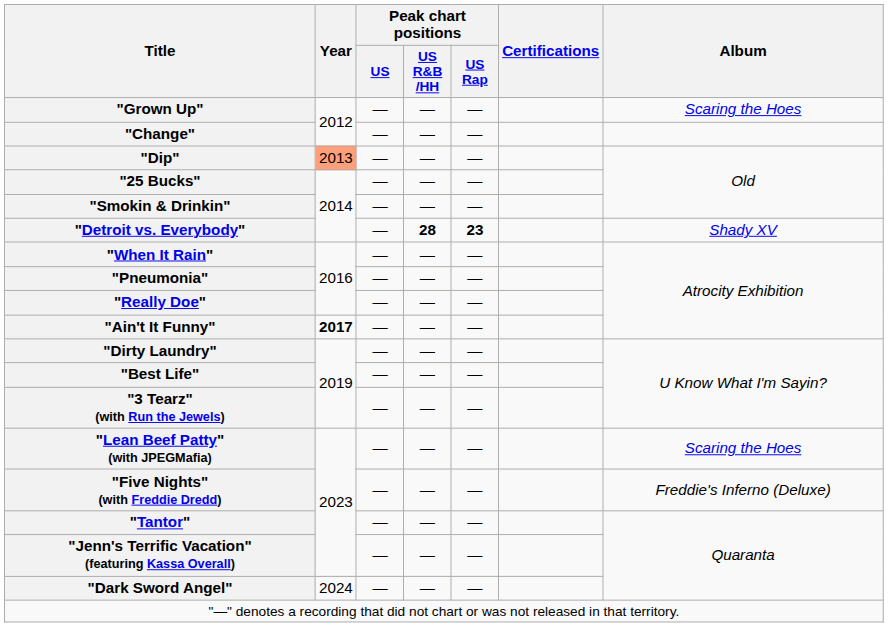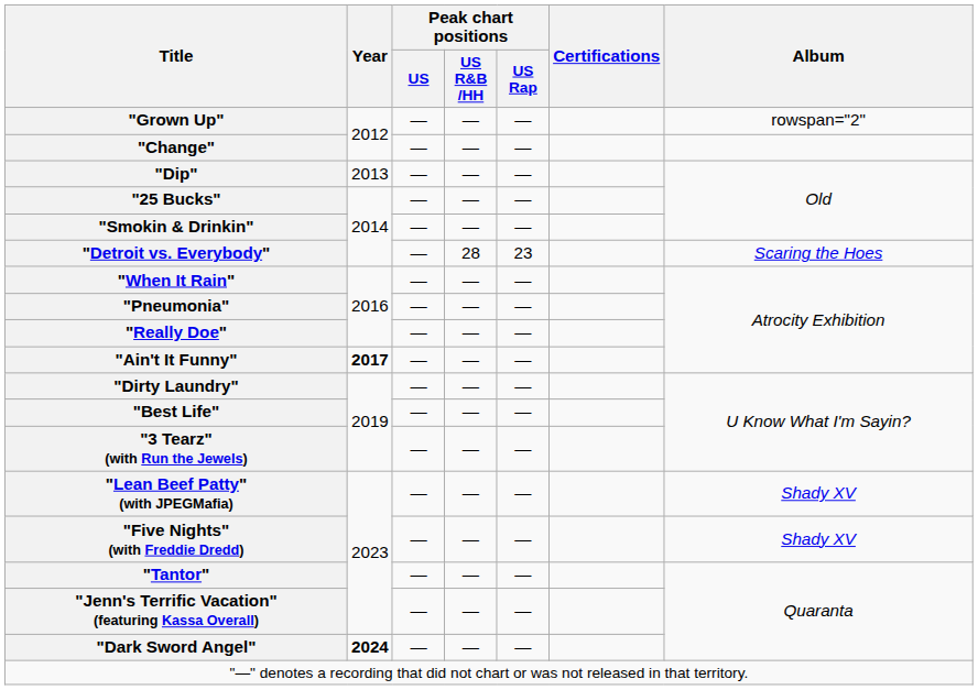 <table class="wikitable plainrowheaders" style="text-align:center;">
 <tr>
 <th scope="col" rowspan="2" style="width:20em;">Title</th>
 <th scope="col" rowspan="2" style="width:1em;">Year</th>
 <th scope="col" colspan="3">Peak chart positions</th>
 <th scope="col" rowspan="2"><a href='#'>Certifications</a></th>
 <th scope="col" rowspan="2" style="width:18em;">Album</th>
 </tr>
 <tr>
 <th scope="col" style="width:3em;font-size:90%;"><a href='#'>US</a><br></th>
 <th scope="col" style="width:3em;font-size:90%;"><a href='#'>US<br>R&B<br>/HH</a><br></th>
 <th scope="col" style="width:3em;font-size:90%;"><a href='#'>US<br>Rap</a><br></th>
 </tr>
 <tr>
 <th scope="row">"Grown Up"</th>
 <td rowspan="2">2012</td>
 <td>—</td>
 <td>—</td>
 <td>—</td>
 <td></td>
-<td><em><a href='#'>Scaring the Hoes</a></em></td>
+<td>rowspan="2" </td>
 </tr>
 <tr>
 <th scope="row">"Change"<br></th>
 <td>—</td>
 <td>—</td>
 <td>—</td>
 <td></td>
 </tr>
 <tr>
 <th scope="row">"Dip"</th>
-<td style="background: lightsalmon;">2013</td>
+<td>2013</td>
 <td>—</td>
 <td>—</td>
 <td>—</td>
 <td></td>
 <td rowspan="3"><em>Old</em></td>
 </tr>
 <tr>
 <th scope="row">"25 Bucks"<br></th>
 <td rowspan="3">2014</td>
 <td>—</td>
 <td>—</td>
 <td>—</td>
 <td></td>
 </tr>
 <tr>
 <th scope="row">"Smokin & Drinkin"</th>
 <td>—</td>
 <td>—</td>
 <td>—</td>
 <td></td>
 </tr>
 <tr>
 <th scope="row">"<a href='#'>Detroit vs. Everybody</a>"<br></th>
 <td>—</td>
-<td><strong>28</strong></td>
-<td><strong>23</strong></td>
+<td>28</td>
+<td>23</td>
 <td></td>
-<td><em><a href='#'>Shady XV</a></em></td>
+<td><em><a href='#'>Scaring the Hoes</a></em></td>
 </tr>
 <tr>
 <th scope="row">"<a href='#'>When It Rain</a>"</th>
 <td rowspan="3">2016</td>
 <td>—</td>
 <td>—</td>
 <td>—</td>
 <td></td>
 <td rowspan="4"><em>Atrocity Exhibition</em></td>
 </tr>
 <tr>
 <th scope="row">"Pneumonia"</th>
 <td>—</td>
 <td>—</td>
 <td>—</td>
 <td></td>
 </tr>
 <tr>
 <th scope="row">"<a href='#'>Really Doe</a>"<br></th>
 <td>—</td>
 <td>—</td>
 <td>—</td>
 <td></td>
 </tr>
 <tr>
 <th scope="row">"Ain't It Funny"</th>
 <td><strong>2017</strong></td>
 <td>—</td>
 <td>—</td>
 <td>—</td>
 <td></td>
 </tr>
 <tr>
 <th scope="row">"Dirty Laundry"</th>
 <td rowspan="3">2019</td>
 <td>—</td>
 <td>—</td>
 <td>—</td>
 <td></td>
 <td rowspan="3"><em>U Know What I'm Sayin?</em></td>
 </tr>
 <tr>
 <th scope="row">"Best Life"</th>
 <td>—</td>
 <td>—</td>
 <td>—</td>
 <td></td>
 </tr>
 <tr>
 <th scope="row">"3 Tearz" <br><small>(with <a href='#'>Run the Jewels</a>)</small></th>
 <td>—</td>
 <td>—</td>
 <td>—</td>
 <td></td>
 </tr>
 <tr>
 <th scope="row">"<a href='#'>Lean Beef Patty</a>"<br><small>(with JPEGMafia)</small></th>
 <td rowspan="4">2023</td>
 <td>—</td>
 <td>—</td>
 <td>—</td>
 <td></td>
-<td><em><a href='#'>Scaring the Hoes</a></em></td>
+<td><em><a href='#'>Shady XV</a></em></td>
 </tr>
 <tr>
 <th scope="row">"Five Nights"<br><small>(with <a href='#'>Freddie Dredd</a>)</small></th>
 <td>—</td>
 <td>—</td>
 <td>—</td>
 <td></td>
-<td><em>Freddie's Inferno (Deluxe)</em></td>
+<td><em><a href='#'>Shady XV</a></em></td>
 </tr>
 <tr>
 <th scope="row">"<a href='#'>Tantor</a>"</th>
 <td>—</td>
 <td>—</td>
 <td>—</td>
 <td></td>
 <td rowspan="3"><em>Quaranta</em></td>
 </tr>
 <tr>
 <th scope="row">"Jenn's Terrific Vacation"<br><small>(featuring <a href='#'>Kassa Overall</a>)</small></th>
 <td>—</td>
 <td>—</td>
 <td>—</td>
 <td></td>
 </tr>
 <tr>
 <th scope="row">"Dark Sword Angel"</th>
-<td>2024</td>
+<td><strong>2024</strong></td>
 <td>—</td>
 <td>—</td>
 <td>—</td>
 <td></td>
 </tr>
 <tr>
 <td colspan="7" style="font-size:90%">"—" denotes a recording that did not chart or was not released in that territory.</td>
 </tr>
 </table>
